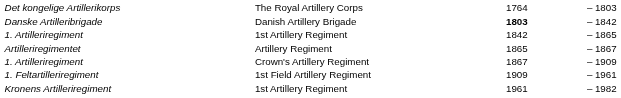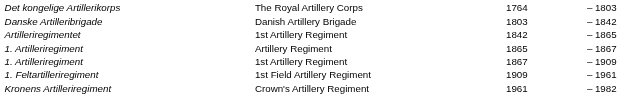 <table class="toccolours" style="float: auto; clear: right; margin: 0 0 0.5em 1em;">
 <tr style="vertical-align: top;">
 <td><em>Det kongelige Artillerikorps</em></td>
 <td>The Royal Artillery Corps</td>
 <td width="12%">1764</td>
 <td width="1%">–</td>
 <td width="12%">1803</td>
 </tr>
 <tr style="vertical-align: top;">
 <td><em>Danske Artilleribrigade</em></td>
 <td>Danish Artillery Brigade</td>
-<td width="12%"><strong>1803</strong></td>
+<td width="12%">1803</td>
 <td width="1%">–</td>
 <td width="12%">1842</td>
 </tr>
 <tr style="vertical-align: top;">
-<td><em>1. Artilleriregiment</em></td>
+<td><em>Artilleriregimentet</em></td>
 <td>1st Artillery Regiment</td>
 <td width="12%">1842</td>
 <td width="1%">–</td>
 <td width="12%">1865</td>
 </tr>
 <tr style="vertical-align: top;">
-<td><em>Artilleriregimentet</em></td>
+<td><em>1. Artilleriregiment</em></td>
 <td>Artillery Regiment</td>
 <td width="12%">1865</td>
 <td width="1%">–</td>
 <td width="12%">1867</td>
 </tr>
 <tr style="vertical-align: top;">
 <td><em>1. Artilleriregiment</em></td>
-<td>Crown's Artillery Regiment</td>
+<td>1st Artillery Regiment</td>
 <td width="12%">1867</td>
 <td width="1%">–</td>
 <td width="12%">1909</td>
 </tr>
 <tr style="vertical-align: top;">
 <td><em>1. Feltartilleriregiment</em></td>
 <td>1st Field Artillery Regiment</td>
 <td width="12%">1909</td>
 <td width="1%">–</td>
 <td width="12%">1961</td>
 </tr>
 <tr style="vertical-align: top;">
 <td><em>Kronens Artilleriregiment</em></td>
-<td>1st Artillery Regiment</td>
+<td>Crown's Artillery Regiment</td>
 <td width="12%">1961</td>
 <td width="1%">–</td>
 <td width="12%">1982</td>
 </tr>
 </table>
